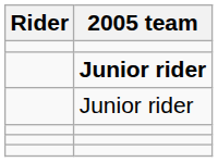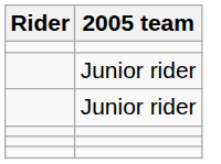 <table class="wikitable">
 <tr>
 <th>Rider</th>
 <th>2005 team</th>
 </tr>
 <tr>
 <td></td>
 <td></td>
 </tr>
 <tr>
 <td></td>
-<td><strong>Junior rider</strong></td>
+<td>Junior rider</td>
 </tr>
 <tr>
 <td></td>
 <td>Junior rider</td>
 </tr>
 <tr>
 <td></td>
 <td></td>
 </tr>
 <tr>
 <td></td>
 <td></td>
 </tr>
 <tr>
 <td></td>
 <td></td>
 </tr>
 </table>
